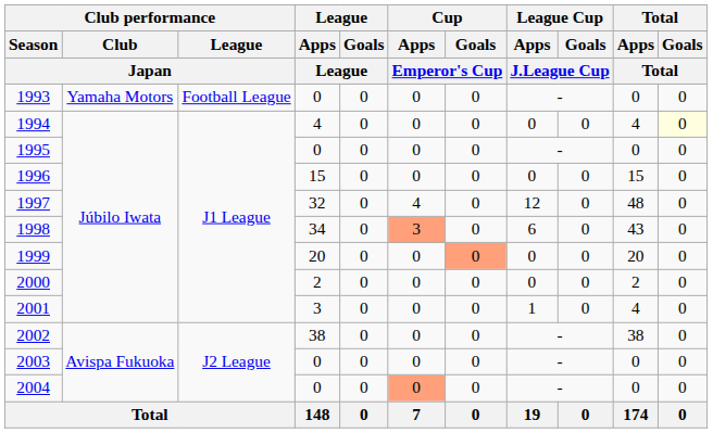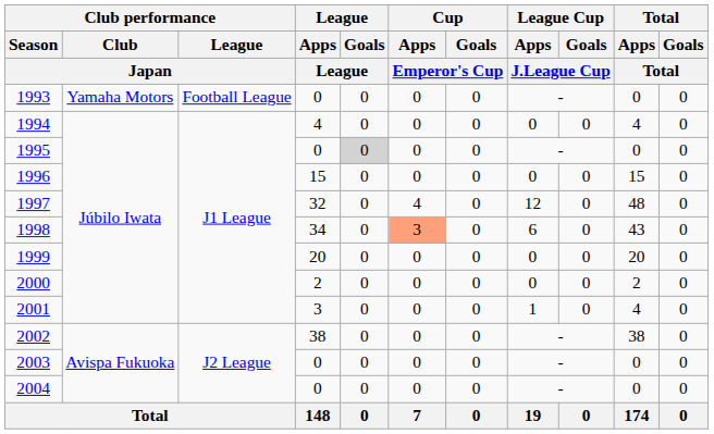 <table class="wikitable" style="text-align:center;">
 <tr>
 <th colspan=3>Club performance</th>
 <th colspan=2>League</th>
 <th colspan=2>Cup</th>
 <th colspan=2>League Cup</th>
 <th colspan=2>Total</th>
 </tr>
 <tr>
 <th>Season</th>
 <th>Club</th>
 <th>League</th>
 <th>Apps</th>
 <th>Goals</th>
 <th>Apps</th>
 <th>Goals</th>
 <th>Apps</th>
 <th>Goals</th>
 <th>Apps</th>
 <th>Goals</th>
 </tr>
 <tr>
 <th colspan=3>Japan</th>
 <th colspan=2>League</th>
 <th colspan=2><a href='#'>Emperor's Cup</a></th>
 <th colspan=2><a href='#'>J.League Cup</a></th>
 <th colspan=2>Total</th>
 </tr>
 <tr>
 <td><a href='#'>1993</a></td>
 <td><a href='#'>Yamaha Motors</a></td>
 <td><a href='#'>Football League</a></td>
 <td>0</td>
 <td>0</td>
 <td>0</td>
 <td>0</td>
 <td colspan="2">-</td>
 <td>0</td>
 <td>0</td>
 </tr>
 <tr>
 <td><a href='#'>1994</a></td>
 <td rowspan="8"><a href='#'>Júbilo Iwata</a></td>
 <td rowspan="8"><a href='#'>J1 League</a></td>
 <td>4</td>
 <td>0</td>
 <td>0</td>
 <td>0</td>
 <td>0</td>
 <td>0</td>
 <td>4</td>
-<td style="background: lightyellow;">0</td>
+<td>0</td>
 </tr>
 <tr>
 <td><a href='#'>1995</a></td>
 <td>0</td>
-<td>0</td>
+<td style="background: lightgrey;">0</td>
 <td>0</td>
 <td>0</td>
 <td colspan="2">-</td>
 <td>0</td>
 <td>0</td>
 </tr>
 <tr>
 <td><a href='#'>1996</a></td>
 <td>15</td>
 <td>0</td>
 <td>0</td>
 <td>0</td>
 <td>0</td>
 <td>0</td>
 <td>15</td>
 <td>0</td>
 </tr>
 <tr>
 <td><a href='#'>1997</a></td>
 <td>32</td>
 <td>0</td>
 <td>4</td>
 <td>0</td>
 <td>12</td>
 <td>0</td>
 <td>48</td>
 <td>0</td>
 </tr>
 <tr>
 <td><a href='#'>1998</a></td>
 <td>34</td>
 <td>0</td>
 <td style="background: lightsalmon;">3</td>
 <td>0</td>
 <td>6</td>
 <td>0</td>
 <td>43</td>
 <td>0</td>
 </tr>
 <tr>
 <td><a href='#'>1999</a></td>
 <td>20</td>
 <td>0</td>
 <td>0</td>
-<td style="background: lightsalmon;">0</td>
+<td>0</td>
 <td>0</td>
 <td>0</td>
 <td>20</td>
 <td>0</td>
 </tr>
 <tr>
 <td><a href='#'>2000</a></td>
 <td>2</td>
 <td>0</td>
 <td>0</td>
 <td>0</td>
 <td>0</td>
 <td>0</td>
 <td>2</td>
 <td>0</td>
 </tr>
 <tr>
 <td><a href='#'>2001</a></td>
 <td>3</td>
 <td>0</td>
 <td>0</td>
 <td>0</td>
 <td>1</td>
 <td>0</td>
 <td>4</td>
 <td>0</td>
 </tr>
 <tr>
 <td><a href='#'>2002</a></td>
 <td rowspan="3"><a href='#'>Avispa Fukuoka</a></td>
 <td rowspan="3"><a href='#'>J2 League</a></td>
 <td>38</td>
 <td>0</td>
 <td>0</td>
 <td>0</td>
 <td colspan="2">-</td>
 <td>38</td>
 <td>0</td>
 </tr>
 <tr>
 <td><a href='#'>2003</a></td>
 <td>0</td>
 <td>0</td>
 <td>0</td>
 <td>0</td>
 <td colspan="2">-</td>
 <td>0</td>
 <td>0</td>
 </tr>
 <tr>
 <td><a href='#'>2004</a></td>
 <td>0</td>
 <td>0</td>
-<td style="background: lightsalmon;">0</td>
+<td>0</td>
 <td>0</td>
 <td colspan="2">-</td>
 <td>0</td>
 <td>0</td>
 </tr>
 <tr>
 <th colspan=3>Total</th>
 <th>148</th>
 <th>0</th>
 <th>7</th>
 <th>0</th>
 <th>19</th>
 <th>0</th>
 <th>174</th>
 <th>0</th>
 </tr>
 </table>
